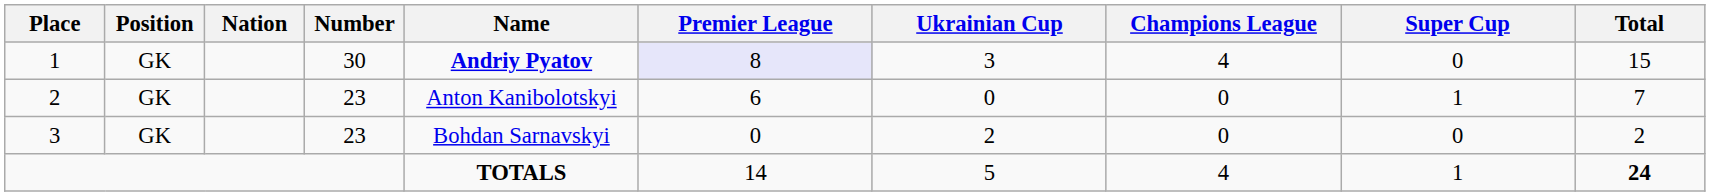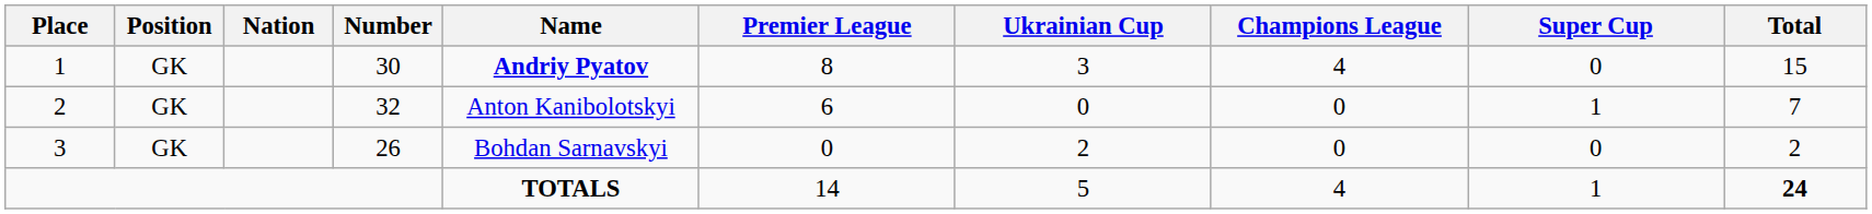 <table class="wikitable" style="font-size: 95%; text-align: center;">
 <tr>
 <th width=60>Place</th>
 <th width=60>Position</th>
 <th width=60>Nation</th>
 <th width=60>Number</th>
 <th width=150>Name</th>
 <th width=150><a href='#'>Premier League</a></th>
 <th width=150><a href='#'>Ukrainian Cup</a></th>
 <th width=150><a href='#'>Champions League</a></th>
 <th width=150><a href='#'>Super Cup</a></th>
 <th width=80>Total</th>
 </tr>
 <tr>
 <td>1</td>
 <td>GK</td>
 <td></td>
 <td>30</td>
 <td><strong><a href='#'>Andriy Pyatov</a></strong></td>
-<td style="background: lavender;">8</td>
+<td>8</td>
 <td>3</td>
 <td>4</td>
 <td>0</td>
 <td>15</td>
 </tr>
 <tr>
 <td>2</td>
 <td>GK</td>
 <td></td>
-<td>23</td>
+<td>32</td>
 <td><a href='#'>Anton Kanibolotskyi</a></td>
 <td>6</td>
 <td>0</td>
 <td>0</td>
 <td>1</td>
 <td>7</td>
 </tr>
 <tr>
 <td>3</td>
 <td>GK</td>
 <td></td>
-<td>23</td>
+<td>26</td>
 <td><a href='#'>Bohdan Sarnavskyi</a></td>
 <td>0</td>
 <td>2</td>
 <td>0</td>
 <td>0</td>
 <td>2</td>
 </tr>
 <tr>
 <td colspan="4"></td>
 <td><strong>TOTALS</strong></td>
 <td>14</td>
 <td>5</td>
 <td>4</td>
 <td>1</td>
 <td><strong>24</strong></td>
 </tr>
 </table>
